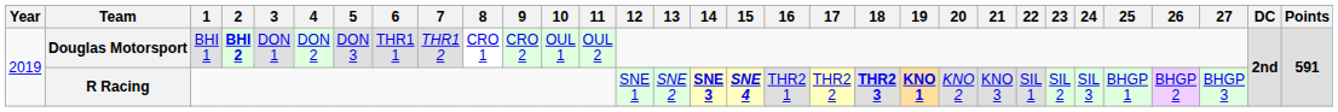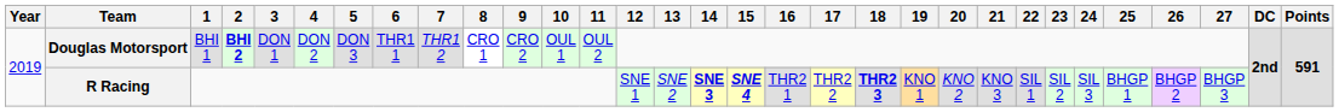 <table class="wikitable" style="text-align:center; font-size:85%">
 <tr>
 <th>Year</th>
 <th>Team</th>
 <th>1</th>
 <th>2</th>
 <th>3</th>
 <th>4</th>
 <th>5</th>
 <th>6</th>
 <th>7</th>
 <th>8</th>
 <th>9</th>
 <th>10</th>
 <th>11</th>
 <th>12</th>
 <th>13</th>
 <th>14</th>
 <th>15</th>
 <th>16</th>
 <th>17</th>
 <th>18</th>
 <th>19</th>
 <th>20</th>
 <th>21</th>
 <th>22</th>
 <th>23</th>
 <th>24</th>
 <th>25</th>
 <th>26</th>
 <th>27</th>
 <th>DC</th>
 <th>Points</th>
 </tr>
 <tr>
 <td id=2019R rowspan=2><a href='#'>2019</a></td>
 <th nowrap>Douglas Motorsport</th>
 <td style="background:#DFDFDF;"><a href='#'>BHI<br>1</a><br></td>
 <td style="background:#DFFFDF;"><strong><a href='#'>BHI<br>2</a></strong><br></td>
 <td style="background:#DFDFDF;"><a href='#'>DON<br>1</a><br></td>
 <td style="background:#DFFFDF;"><a href='#'>DON<br>2</a><br></td>
 <td style="background:#DFDFDF;"><a href='#'>DON<br>3</a><br></td>
 <td style="background:#DFDFDF;"><a href='#'>THR1<br>1</a><br></td>
 <td style="background:#DFDFDF;"><em><a href='#'>THR1<br>2</a></em><br></td>
 <td style="background:#FFFFFF;"><a href='#'>CRO<br>1</a><br></td>
 <td style="background:#DFFFDF;"><a href='#'>CRO<br>2</a><br></td>
 <td style="background:#DFFFDF;"><a href='#'>OUL<br>1</a><br></td>
 <td style="background:#DFFFDF;"><a href='#'>OUL<br>2</a><br></td>
 <td colspan=16></td>
 <th rowspan="2" style="background:#DFDFDF;">2nd</th>
 <th rowspan="2" style="background:#DFDFDF;">591</th>
 </tr>
 <tr>
 <th nowrap>R Racing</th>
 <td colspan=11></td>
 <td style="background:#DFFFDF;"><a href='#'>SNE<br>1</a><br></td>
 <td style="background:#DFFFDF;"><em><a href='#'>SNE<br>2</a></em><br></td>
 <td style="background:#FFFFBF;"><strong><a href='#'>SNE<br>3</a></strong><br></td>
 <td style="background:#FFFFBF;"><strong><em><a href='#'>SNE<br>4</a></em></strong><br></td>
 <td style="background:#DFDFDF;"><a href='#'>THR2<br>1</a><br></td>
 <td style="background:#FFFFBF;"><a href='#'>THR2<br>2</a><br></td>
 <td style="background:#DFDFDF;"><strong><a href='#'>THR2<br>3</a></strong><br></td>
-<td style="background:#FFDF9F;"><strong><a href='#'>KNO<br>1</a><br></strong></td>
+<td style="background:#FFDF9F;"><a href='#'>KNO<br>1</a><br></td>
 <td style="background:#DFDFDF;"><em><a href='#'>KNO<br>2</a></em><br></td>
 <td style="background:#DFDFDF;"><a href='#'>KNO<br>3</a><br></td>
 <td style="background:#DFDFDF;"><a href='#'>SIL<br>1</a><br></td>
 <td style="background:#DFFFDF;"><a href='#'>SIL<br>2</a><br></td>
 <td style="background:#DFFFDF;"><a href='#'>SIL<br>3</a><br></td>
 <td style="background:#DFFFDF;"><a href='#'>BHGP<br>1</a><br></td>
 <td style="background:#EFCFFF;"><a href='#'>BHGP<br>2</a><br></td>
 <td style="background:#DFFFDF;"><a href='#'>BHGP<br>3</a><br></td>
 </tr>
 </table>
